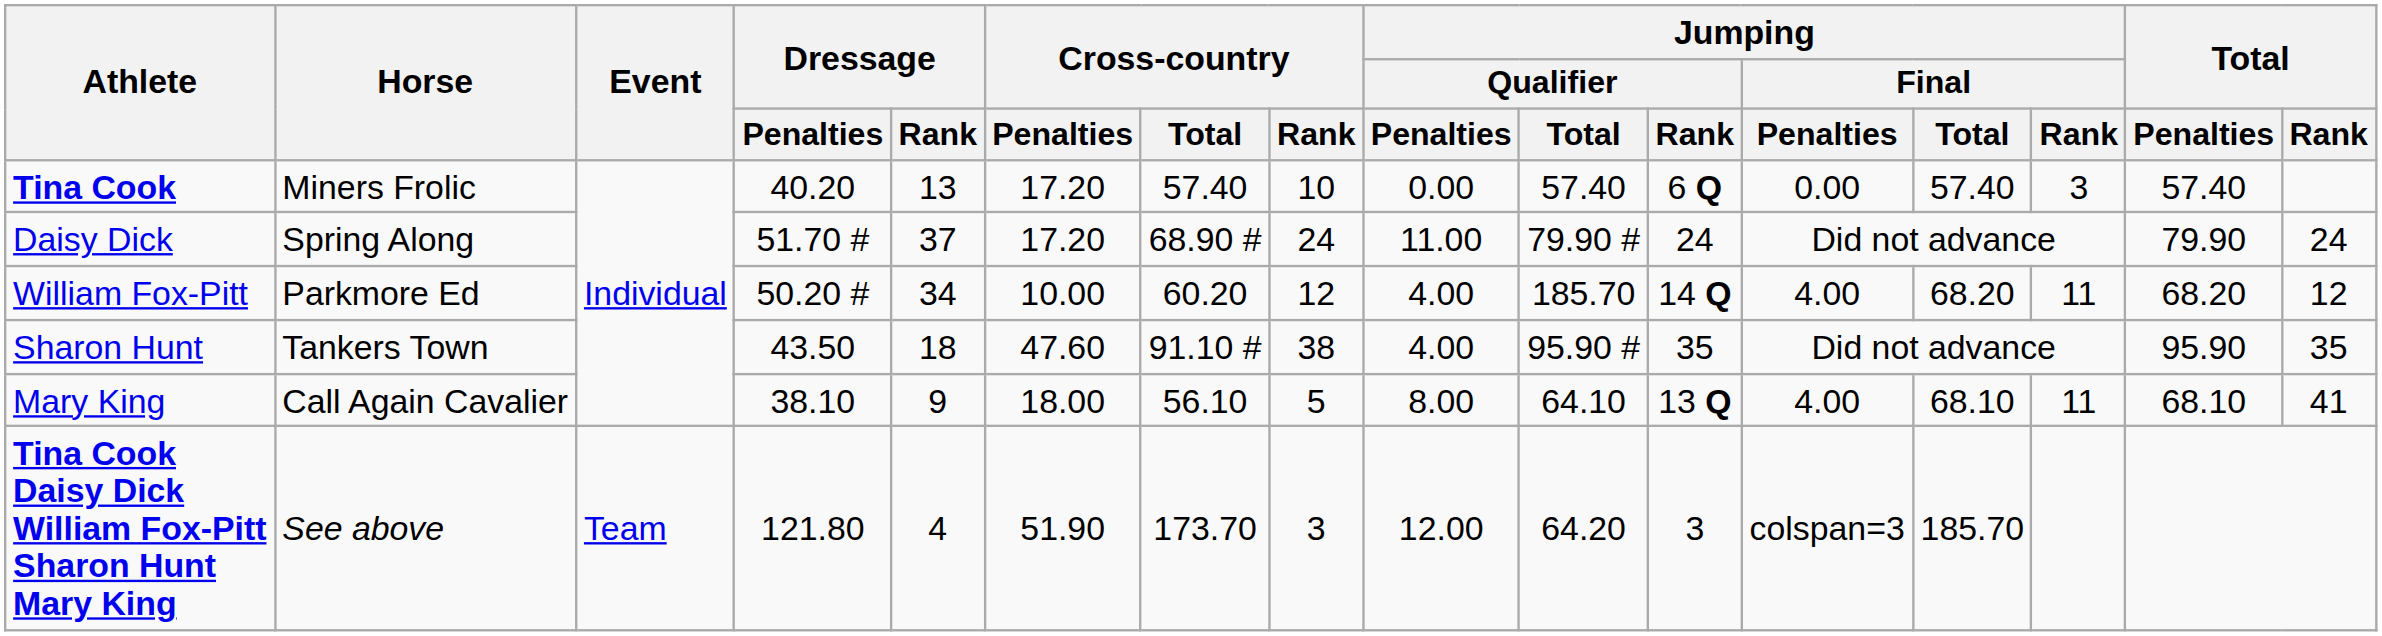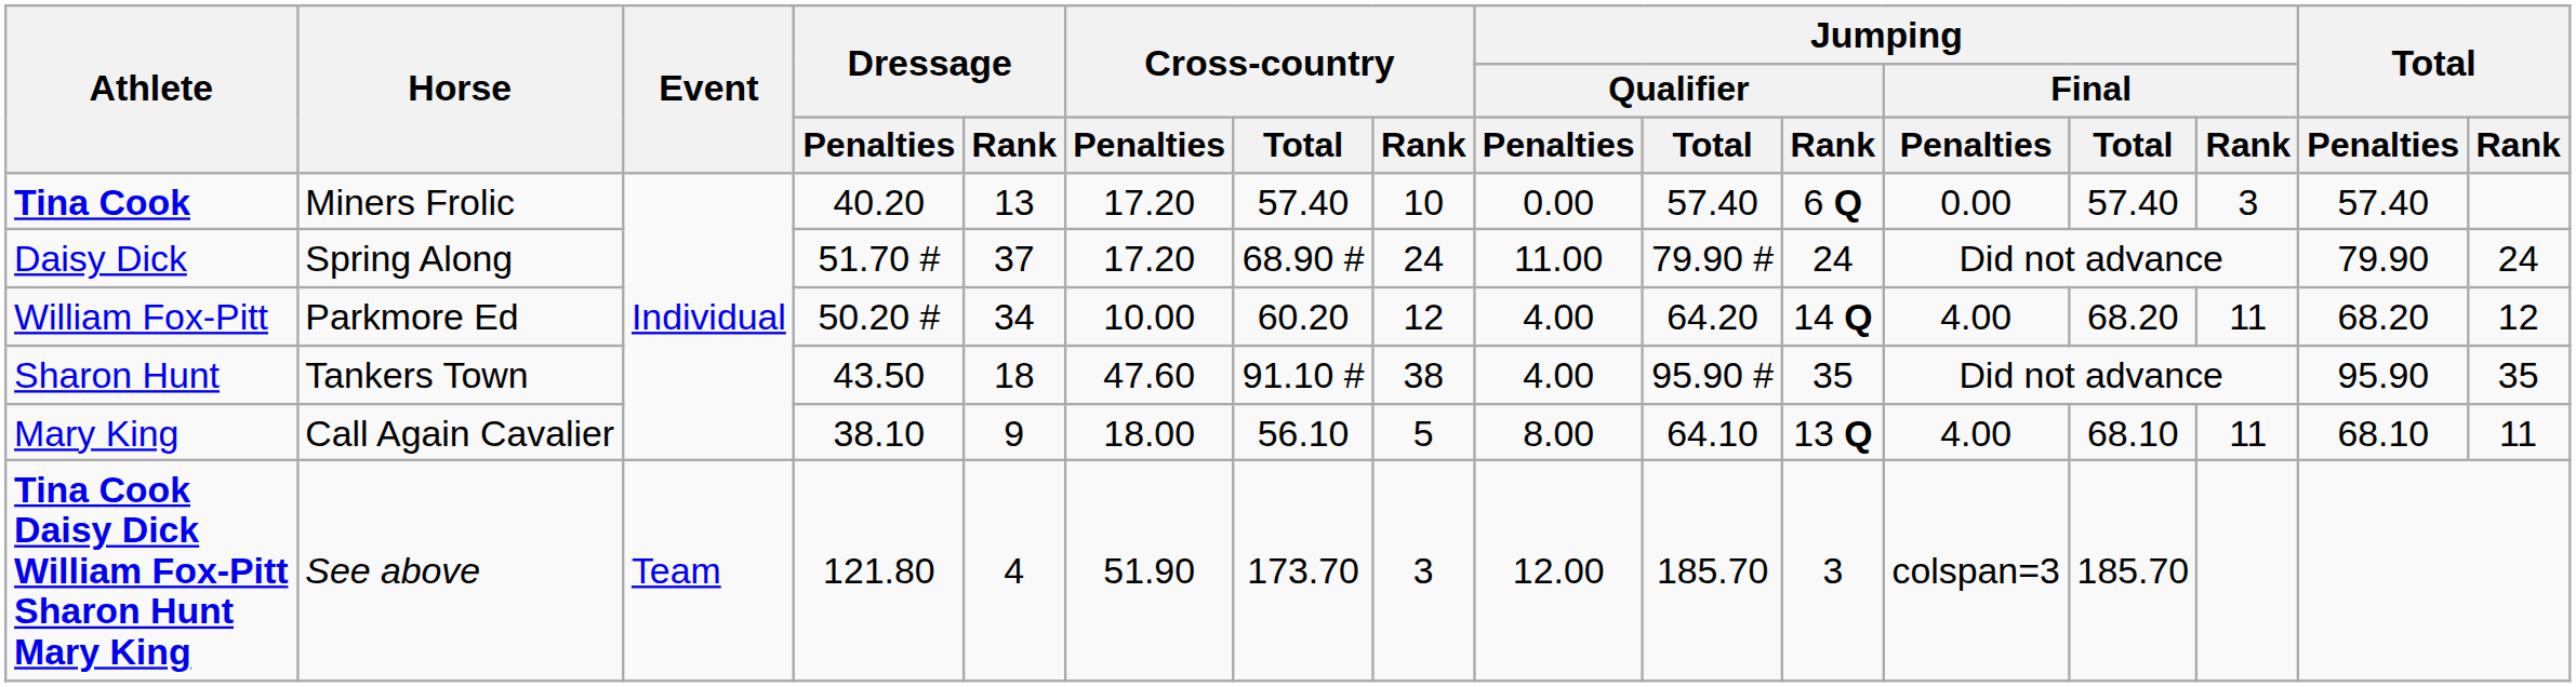 <table class=wikitable style="font-size:90%">
 <tr>
 <th rowspan="3">Athlete</th>
 <th rowspan="3">Horse</th>
 <th rowspan="3">Event</th>
 <th colspan="2" rowspan="2">Dressage</th>
 <th colspan="3" rowspan="2">Cross-country</th>
 <th colspan="6">Jumping</th>
 <th colspan="2" rowspan="2">Total</th>
 </tr>
 <tr style="font-size:95%">
 <th colspan="3">Qualifier</th>
 <th colspan="3">Final</th>
 </tr>
 <tr style="font-size:95%">
 <th>Penalties</th>
 <th>Rank</th>
 <th>Penalties</th>
 <th>Total</th>
 <th>Rank</th>
 <th>Penalties</th>
 <th>Total</th>
 <th>Rank</th>
 <th>Penalties</th>
 <th>Total</th>
 <th>Rank</th>
 <th>Penalties</th>
 <th>Rank</th>
 </tr>
 <tr align=center>
 <td align=left><strong><a href='#'>Tina Cook</a></strong></td>
 <td align=left>Miners Frolic</td>
 <td align=left rowspan=5><a href='#'>Individual</a></td>
 <td>40.20</td>
 <td>13</td>
 <td>17.20</td>
 <td>57.40</td>
 <td>10</td>
 <td>0.00</td>
 <td>57.40</td>
 <td>6 <strong>Q</strong></td>
 <td>0.00</td>
 <td>57.40</td>
 <td>3</td>
 <td>57.40</td>
 <td></td>
 </tr>
 <tr align=center>
 <td align=left><a href='#'>Daisy Dick</a></td>
 <td align=left>Spring Along</td>
 <td>51.70 #</td>
 <td>37</td>
 <td>17.20</td>
 <td>68.90 #</td>
 <td>24</td>
 <td>11.00</td>
 <td>79.90 #</td>
 <td>24</td>
 <td colspan=3>Did not advance</td>
 <td>79.90</td>
 <td>24</td>
 </tr>
 <tr align=center>
 <td align=left><a href='#'>William Fox-Pitt</a></td>
 <td align=left>Parkmore Ed</td>
 <td>50.20 #</td>
 <td>34</td>
 <td>10.00</td>
 <td>60.20</td>
 <td>12</td>
 <td>4.00</td>
-<td>185.70</td>
+<td>64.20</td>
 <td>14 <strong>Q</strong></td>
 <td>4.00</td>
 <td>68.20</td>
 <td>11</td>
 <td>68.20</td>
 <td>12</td>
 </tr>
 <tr align=center>
 <td align=left><a href='#'>Sharon Hunt</a></td>
 <td align=left>Tankers Town</td>
 <td>43.50</td>
 <td>18</td>
 <td>47.60</td>
 <td>91.10 #</td>
 <td>38</td>
 <td>4.00</td>
 <td>95.90 #</td>
 <td>35</td>
 <td colspan=3>Did not advance</td>
 <td>95.90</td>
 <td>35</td>
 </tr>
 <tr align=center>
 <td align=left><a href='#'>Mary King</a></td>
 <td align=left>Call Again Cavalier</td>
 <td>38.10</td>
 <td>9</td>
 <td>18.00</td>
 <td>56.10</td>
 <td>5</td>
 <td>8.00</td>
 <td>64.10</td>
 <td>13 <strong>Q</strong></td>
 <td>4.00</td>
 <td>68.10</td>
 <td>11</td>
 <td>68.10</td>
-<td>41</td>
+<td>11</td>
 </tr>
 <tr align=center>
 <td align=left><strong><a href='#'>Tina Cook</a><br><a href='#'>Daisy Dick</a><br><a href='#'>William Fox-Pitt</a><br><a href='#'>Sharon Hunt</a><br><a href='#'>Mary King</a></strong></td>
 <td align=left><em>See above</em></td>
 <td align=left><a href='#'>Team</a></td>
 <td>121.80</td>
 <td>4</td>
 <td>51.90</td>
 <td>173.70</td>
 <td>3</td>
 <td>12.00</td>
-<td>64.20</td>
+<td>185.70</td>
 <td>3</td>
 <td>colspan=3 </td>
 <td>185.70</td>
 <td></td>
 </tr>
 </table>
